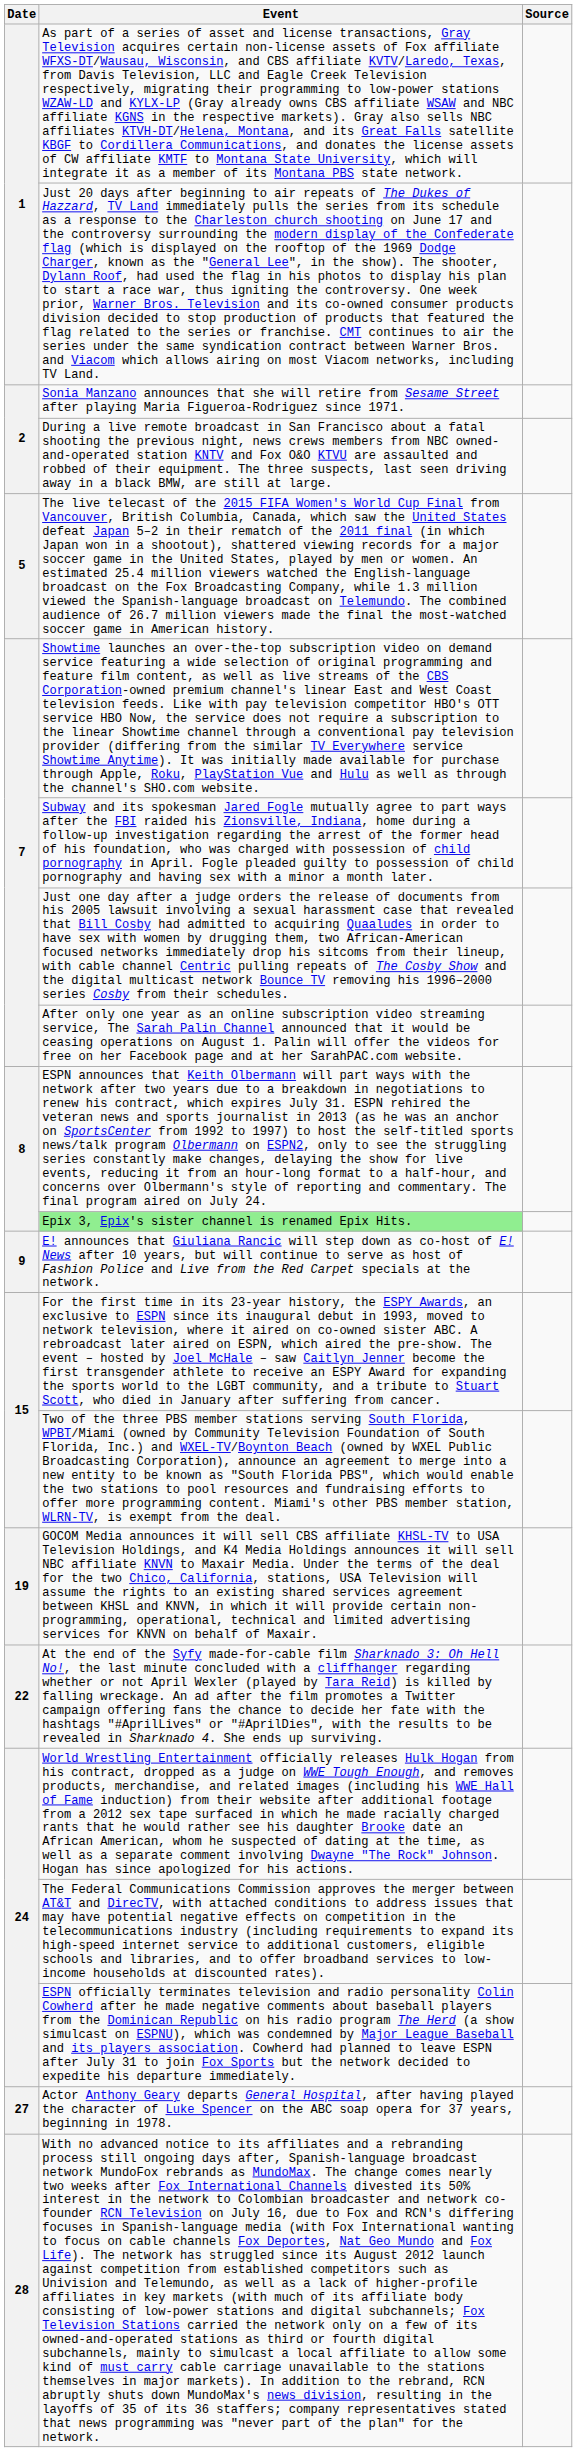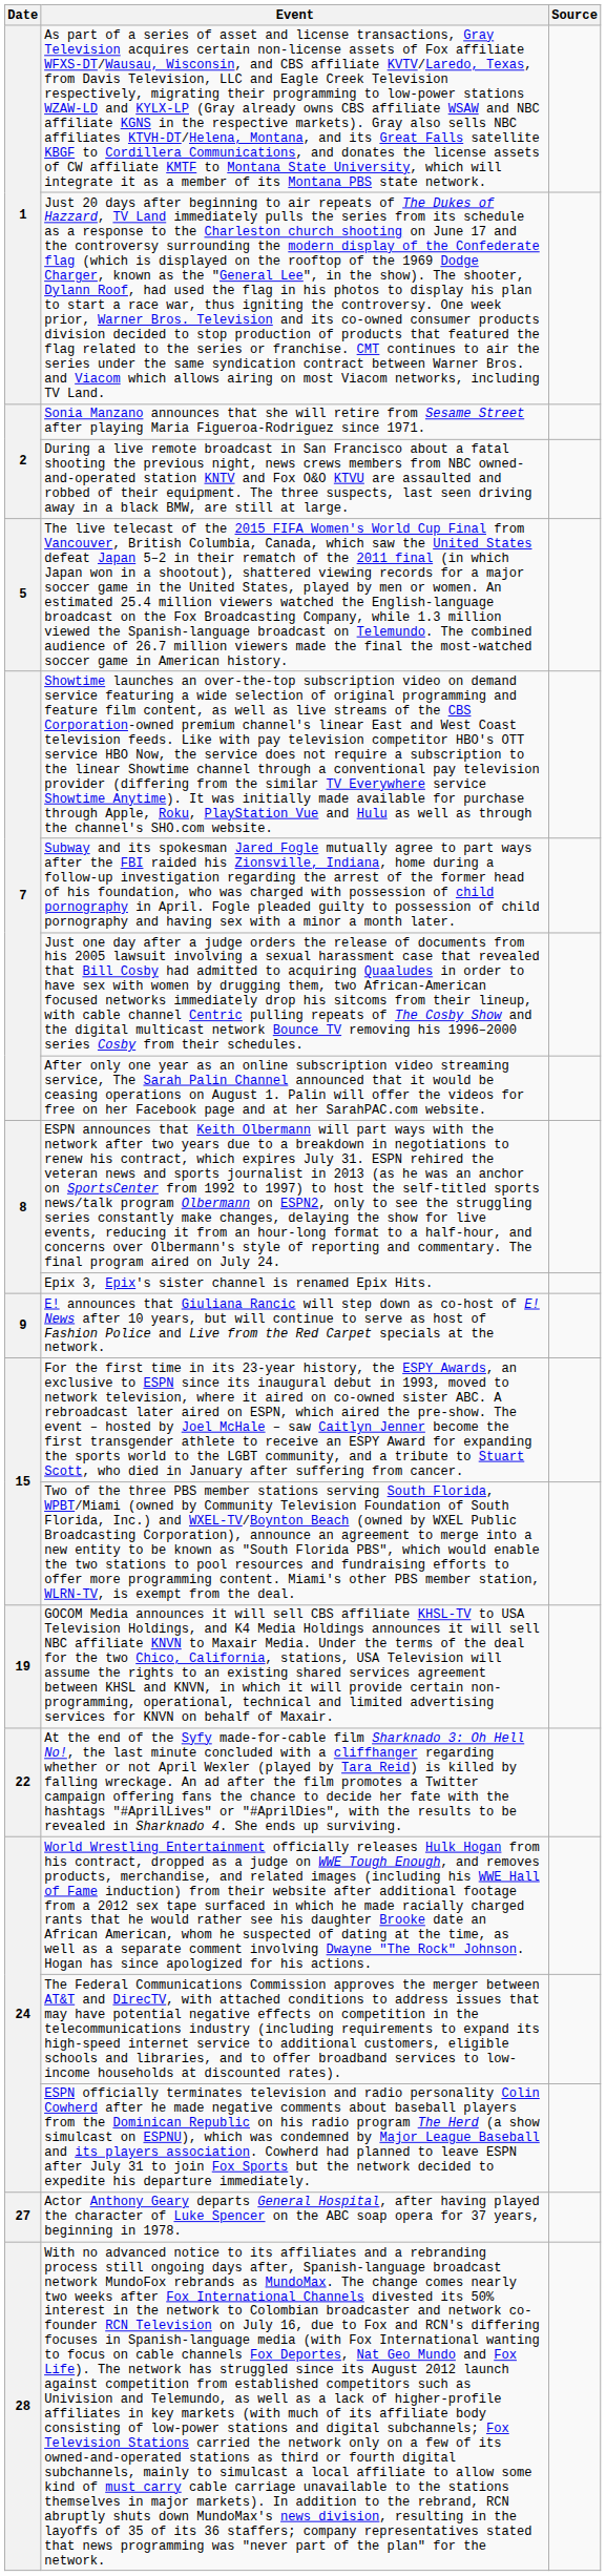 <table class="wikitable">
 <tr>
 <th>Date</th>
 <th>Event</th>
 <th>Source</th>
 </tr>
 <tr>
 <th rowspan="2">1</th>
 <td>As part of a series of asset and license transactions, <a href='#'>Gray Television</a> acquires certain non-license assets of Fox affiliate <a href='#'>WFXS-DT</a>/<a href='#'>Wausau, Wisconsin</a>, and CBS affiliate <a href='#'>KVTV</a>/<a href='#'>Laredo, Texas</a>, from Davis Television, LLC and Eagle Creek Television respectively, migrating their programming to low-power stations <a href='#'>WZAW-LD</a> and <a href='#'>KYLX-LP</a> (Gray already owns CBS affiliate <a href='#'>WSAW</a> and NBC affiliate <a href='#'>KGNS</a> in the respective markets). Gray also sells NBC affiliates <a href='#'>KTVH-DT</a>/<a href='#'>Helena, Montana</a>, and its <a href='#'>Great Falls</a> satellite <a href='#'>KBGF</a> to <a href='#'>Cordillera Communications</a>, and donates the license assets of CW affiliate <a href='#'>KMTF</a> to <a href='#'>Montana State University</a>, which will integrate it as a member of its <a href='#'>Montana PBS</a> state network.</td>
 <td></td>
 </tr>
 <tr>
 <td>Just 20 days after beginning to air repeats of <em><a href='#'>The Dukes of Hazzard</a></em>, <a href='#'>TV Land</a> immediately pulls the series from its schedule as a response to the <a href='#'>Charleston church shooting</a> on June 17 and the controversy surrounding the <a href='#'>modern display of the Confederate flag</a> (which is displayed on the rooftop of the 1969 <a href='#'>Dodge Charger</a>, known as the "<a href='#'>General Lee</a>", in the show). The shooter, <a href='#'>Dylann Roof</a>, had used the flag in his photos to display his plan to start a race war, thus igniting the controversy. One week prior, <a href='#'>Warner Bros. Television</a> and its co-owned consumer products division decided to stop production of products that featured the flag related to the series or franchise. <a href='#'>CMT</a> continues to air the series under the same syndication contract between Warner Bros. and <a href='#'>Viacom</a> which allows airing on most Viacom networks, including TV Land.</td>
 <td></td>
 </tr>
 <tr>
 <th rowspan="2">2</th>
 <td><a href='#'>Sonia Manzano</a> announces that she will retire from <em><a href='#'>Sesame Street</a></em> after playing Maria Figueroa-Rodriguez since 1971.</td>
 <td></td>
 </tr>
 <tr>
 <td>During a live remote broadcast in San Francisco about a fatal shooting the previous night, news crews members from NBC owned-and-operated station <a href='#'>KNTV</a> and Fox O&O <a href='#'>KTVU</a> are assaulted and robbed of their equipment. The three suspects, last seen driving away in a black BMW, are still at large.</td>
 <td></td>
 </tr>
 <tr>
 <th>5</th>
 <td>The live telecast of the <a href='#'>2015 FIFA Women's World Cup Final</a> from <a href='#'>Vancouver</a>, British Columbia, Canada, which saw the <a href='#'>United States</a> defeat <a href='#'>Japan</a> 5–2 in their rematch of the <a href='#'>2011 final</a> (in which Japan won in a shootout), shattered viewing records for a major soccer game in the United States, played by men or women. An estimated 25.4 million viewers watched the English-language broadcast on the Fox Broadcasting Company, while 1.3 million viewed the Spanish-language broadcast on <a href='#'>Telemundo</a>. The combined audience of 26.7 million viewers made the final the most-watched soccer game in American history.</td>
 <td></td>
 </tr>
 <tr>
 <th rowspan="4">7</th>
 <td><a href='#'>Showtime</a> launches an over-the-top subscription video on demand service featuring a wide selection of original programming and feature film content, as well as live streams of the <a href='#'>CBS Corporation</a>-owned premium channel's linear East and West Coast television feeds. Like with pay television competitor HBO's OTT service HBO Now, the service does not require a subscription to the linear Showtime channel through a conventional pay television provider (differing from the similar <a href='#'>TV Everywhere</a> service <a href='#'>Showtime Anytime</a>). It was initially made available for purchase through Apple, <a href='#'>Roku</a>, <a href='#'>PlayStation Vue</a> and <a href='#'>Hulu</a> as well as through the channel's SHO.com website.</td>
 <td></td>
 </tr>
 <tr>
 <td><a href='#'>Subway</a> and its spokesman <a href='#'>Jared Fogle</a> mutually agree to part ways after the <a href='#'>FBI</a> raided his <a href='#'>Zionsville, Indiana</a>, home during a follow-up investigation regarding the arrest of the former head of his foundation, who was charged with possession of <a href='#'>child pornography</a> in April. Fogle pleaded guilty to possession of child pornography and having sex with a minor a month later.</td>
 <td></td>
 </tr>
 <tr>
 <td>Just one day after a judge orders the release of documents from his 2005 lawsuit involving a sexual harassment case that revealed that <a href='#'>Bill Cosby</a> had admitted to acquiring <a href='#'>Quaaludes</a> in order to have sex with women by drugging them, two African-American focused networks immediately drop his sitcoms from their lineup, with cable channel <a href='#'>Centric</a> pulling repeats of <em><a href='#'>The Cosby Show</a></em> and the digital multicast network <a href='#'>Bounce TV</a> removing his 1996–2000 series <em><a href='#'>Cosby</a></em> from their schedules.</td>
 <td></td>
 </tr>
 <tr>
 <td>After only one year as an online subscription video streaming service, The <a href='#'>Sarah Palin Channel</a> announced that it would be ceasing operations on August 1. Palin will offer the videos for free on her Facebook page and at her SarahPAC.com website.</td>
 <td></td>
 </tr>
 <tr>
 <th rowspan="2">8</th>
 <td>ESPN announces that <a href='#'>Keith Olbermann</a> will part ways with the network after two years due to a breakdown in negotiations to renew his contract, which expires July 31. ESPN rehired the veteran news and sports journalist in 2013 (as he was an anchor on <em><a href='#'>SportsCenter</a></em> from 1992 to 1997) to host the self-titled sports news/talk program <em><a href='#'>Olbermann</a></em> on <a href='#'>ESPN2</a>, only to see the struggling series constantly make changes, delaying the show for live events, reducing it from an hour-long format to a half-hour, and concerns over Olbermann's style of reporting and commentary. The final program aired on July 24.</td>
 <td></td>
 </tr>
 <tr>
-<td style="background: lightgreen;">Epix 3, <a href='#'>Epix</a>'s sister channel is renamed Epix Hits.</td>
+<td>Epix 3, <a href='#'>Epix</a>'s sister channel is renamed Epix Hits.</td>
 <td></td>
 </tr>
 <tr>
 <th>9</th>
 <td><a href='#'>E!</a> announces that <a href='#'>Giuliana Rancic</a> will step down as co-host of <em><a href='#'>E! News</a></em> after 10 years, but will continue to serve as host of <em>Fashion Police</em> and <em>Live from the Red Carpet</em> specials at the network.</td>
 <td></td>
 </tr>
 <tr>
 <th rowspan="2">15</th>
 <td>For the first time in its 23-year history, the <a href='#'>ESPY Awards</a>, an exclusive to <a href='#'>ESPN</a> since its inaugural debut in 1993, moved to network television, where it aired on co-owned sister ABC. A rebroadcast later aired on ESPN, which aired the pre-show. The event – hosted by <a href='#'>Joel McHale</a> – saw <a href='#'>Caitlyn Jenner</a> become the first transgender athlete to receive an ESPY Award for expanding the sports world to the LGBT community, and a tribute to <a href='#'>Stuart Scott</a>, who died in January after suffering from cancer.</td>
 <td></td>
 </tr>
 <tr>
 <td>Two of the three PBS member stations serving <a href='#'>South Florida</a>, <a href='#'>WPBT</a>/Miami (owned by Community Television Foundation of South Florida, Inc.) and <a href='#'>WXEL-TV</a>/<a href='#'>Boynton Beach</a> (owned by WXEL Public Broadcasting Corporation), announce an agreement to merge into a new entity to be known as "South Florida PBS", which would enable the two stations to pool resources and fundraising efforts to offer more programming content. Miami's other PBS member station, <a href='#'>WLRN-TV</a>, is exempt from the deal.</td>
 <td></td>
 </tr>
 <tr>
 <th>19</th>
 <td>GOCOM Media announces it will sell CBS affiliate <a href='#'>KHSL-TV</a> to USA Television Holdings, and K4 Media Holdings announces it will sell NBC affiliate <a href='#'>KNVN</a> to Maxair Media. Under the terms of the deal for the two <a href='#'>Chico, California</a>, stations, USA Television will assume the rights to an existing shared services agreement between KHSL and KNVN, in which it will provide certain non-programming, operational, technical and limited advertising services for KNVN on behalf of Maxair.</td>
 <td></td>
 </tr>
 <tr>
 <th>22</th>
 <td>At the end of the <a href='#'>Syfy</a> made-for-cable film <em><a href='#'>Sharknado 3: Oh Hell No!</a></em>, the last minute concluded with a <a href='#'>cliffhanger</a> regarding whether or not April Wexler (played by <a href='#'>Tara Reid</a>) is killed by falling wreckage. An ad after the film promotes a Twitter campaign offering fans the chance to decide her fate with the hashtags "#AprilLives" or "#AprilDies", with the results to be revealed in <em>Sharknado 4</em>. She ends up surviving.</td>
 <td></td>
 </tr>
 <tr>
 <th rowspan=3>24</th>
 <td><a href='#'>World Wrestling Entertainment</a> officially releases <a href='#'>Hulk Hogan</a> from his contract, dropped as a judge on <em><a href='#'>WWE Tough Enough</a></em>, and removes products, merchandise, and related images (including his <a href='#'>WWE Hall of Fame</a> induction) from their website after additional footage from a 2012 sex tape surfaced in which he made racially charged rants that he would rather see his daughter <a href='#'>Brooke</a> date an African American, whom he suspected of dating at the time, as well as a separate comment involving <a href='#'>Dwayne "The Rock" Johnson</a>. Hogan has since apologized for his actions.</td>
 <td></td>
 </tr>
 <tr>
 <td>The Federal Communications Commission approves the merger between <a href='#'>AT&T</a> and <a href='#'>DirecTV</a>, with attached conditions to address issues that may have potential negative effects on competition in the telecommunications industry (including requirements to expand its high-speed internet service to additional customers, eligible schools and libraries, and to offer broadband services to low-income households at discounted rates).</td>
 <td></td>
 </tr>
 <tr>
 <td><a href='#'>ESPN</a> officially terminates television and radio personality <a href='#'>Colin Cowherd</a> after he made negative comments about baseball players from the <a href='#'>Dominican Republic</a> on his radio program <em><a href='#'>The Herd</a></em> (a show simulcast on <a href='#'>ESPNU</a>), which was condemned by <a href='#'>Major League Baseball</a> and <a href='#'>its players association</a>. Cowherd had planned to leave ESPN after July 31 to join <a href='#'>Fox Sports</a> but the network decided to expedite his departure immediately.</td>
 <td></td>
 </tr>
 <tr>
 <th>27</th>
 <td>Actor <a href='#'>Anthony Geary</a> departs <em><a href='#'>General Hospital</a></em>, after having played the character of <a href='#'>Luke Spencer</a> on the ABC soap opera for 37 years, beginning in 1978.</td>
 <td></td>
 </tr>
 <tr>
 <th>28</th>
 <td>With no advanced notice to its affiliates and a rebranding process still ongoing days after, Spanish-language broadcast network MundoFox rebrands as <a href='#'>MundoMax</a>. The change comes nearly two weeks after <a href='#'>Fox International Channels</a> divested its 50% interest in the network to Colombian broadcaster and network co-founder <a href='#'>RCN Television</a> on July 16, due to Fox and RCN's differing focuses in Spanish-language media (with Fox International wanting to focus on cable channels <a href='#'>Fox Deportes</a>, <a href='#'>Nat Geo Mundo</a> and <a href='#'>Fox Life</a>). The network has struggled since its August 2012 launch against competition from established competitors such as Univision and Telemundo, as well as a lack of higher-profile affiliates in key markets (with much of its affiliate body consisting of low-power stations and digital subchannels; <a href='#'>Fox Television Stations</a> carried the network only on a few of its owned-and-operated stations as third or fourth digital subchannels, mainly to simulcast a local affiliate to allow some kind of <a href='#'>must carry</a> cable carriage unavailable to the stations themselves in major markets). In addition to the rebrand, RCN abruptly shuts down MundoMax's <a href='#'>news division</a>, resulting in the layoffs of 35 of its 36 staffers; company representatives stated that news programming was "never part of the plan" for the network.</td>
 <td><br></td>
 </tr>
 </table>
